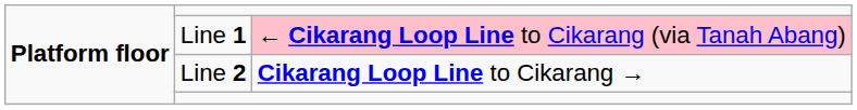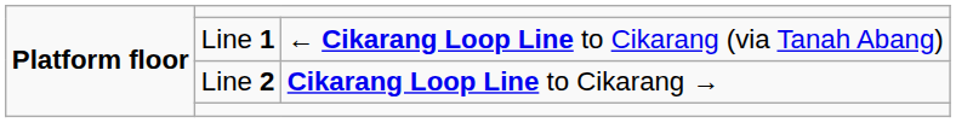 <table class="wikitable">
 <tr>
 <td rowspan="4"><strong>Platform floor</strong></td>
 <td colspan="2"></td>
 </tr>
 <tr>
 <td>Line <strong>1</strong></td>
-<td style="background: pink;">←   <strong><a href='#'>Cikarang Loop Line</a></strong> to <a href='#'>Cikarang</a> (via <a href='#'>Tanah Abang</a>)</td>
+<td>←   <strong><a href='#'>Cikarang Loop Line</a></strong> to <a href='#'>Cikarang</a> (via <a href='#'>Tanah Abang</a>)</td>
 </tr>
 <tr>
 <td>Line <strong>2</strong></td>
 <td> <strong><a href='#'>Cikarang Loop Line</a></strong> to Cikarang  →</td>
 </tr>
 <tr>
 <td colspan="2"></td>
 </tr>
 </table>
